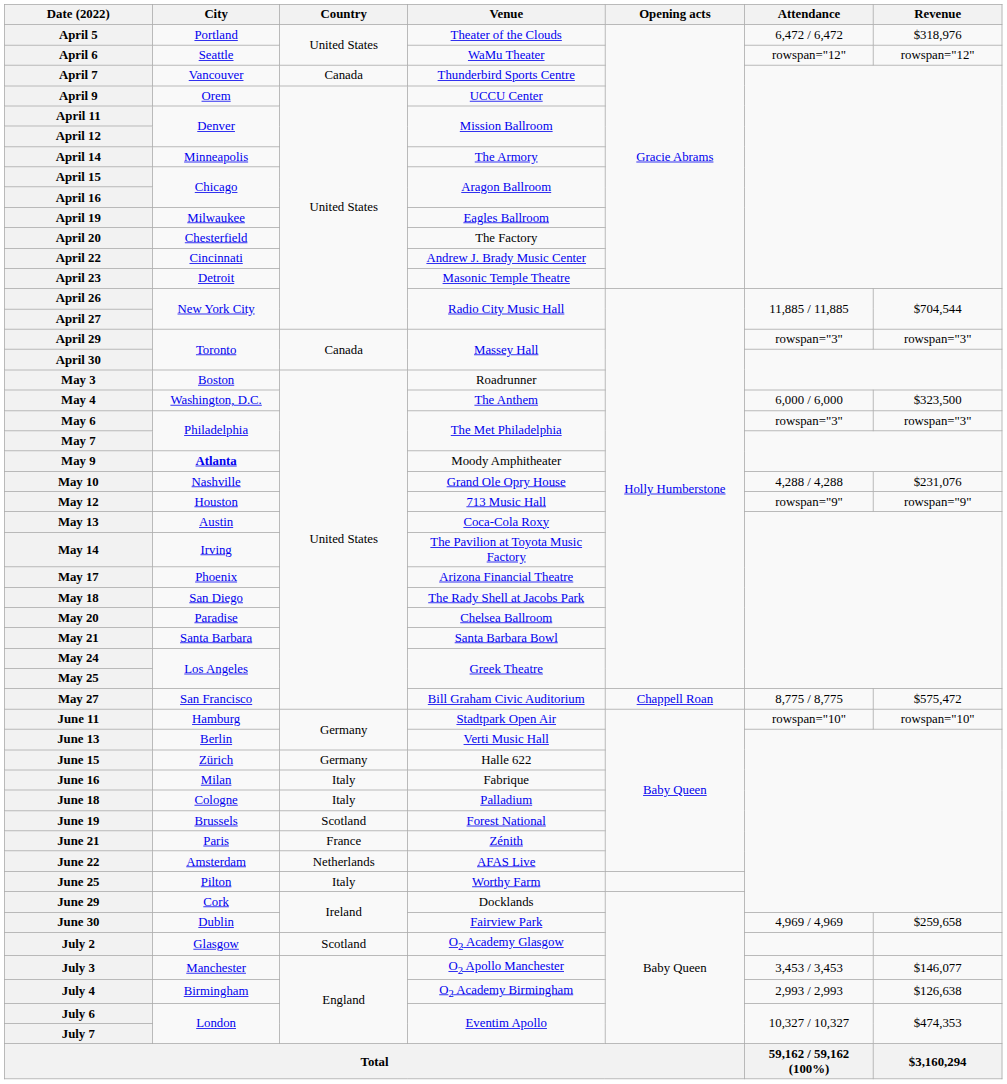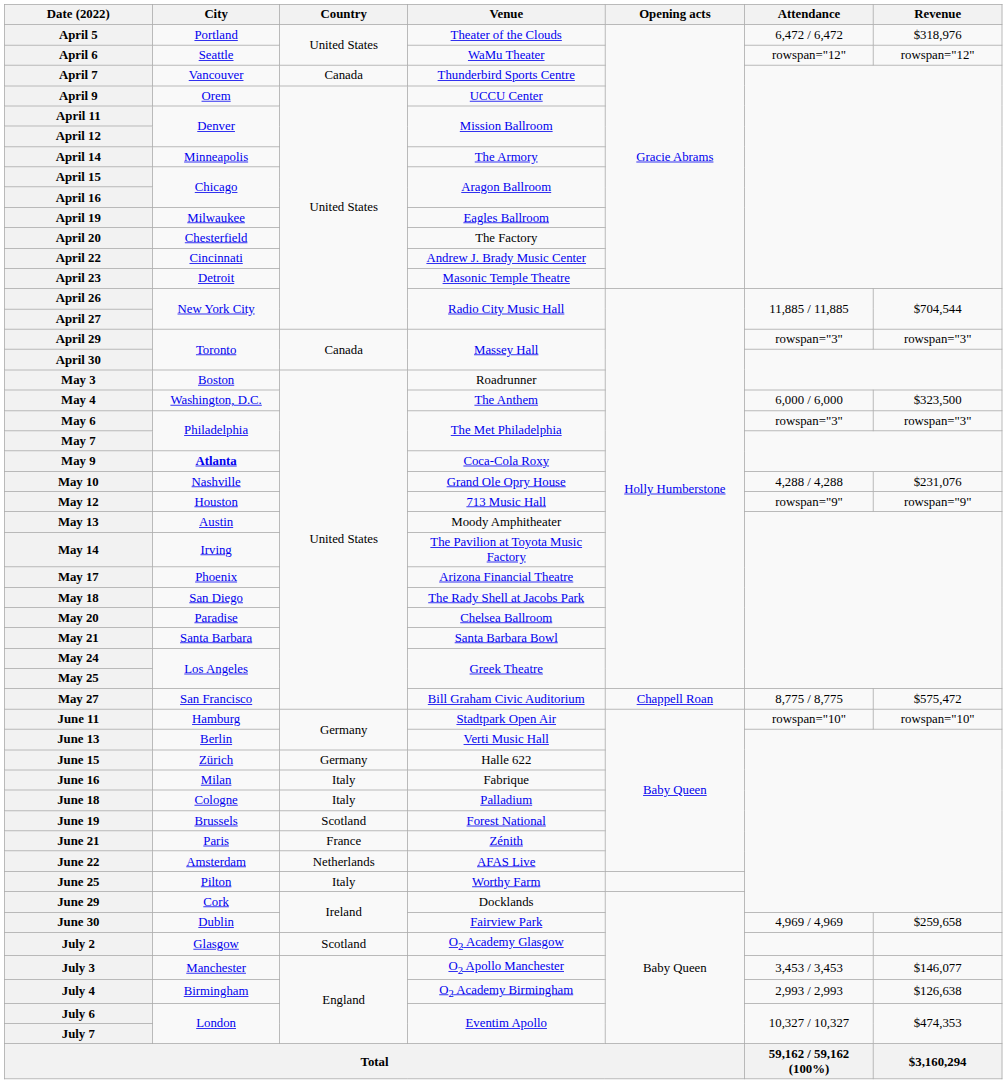 <table class="wikitable plainrowheaders" style="text-align:center;">
 <tr>
 <th scope="col" style="width:12em;">Date (2022)</th>
 <th scope="col" style="width:10em;">City</th>
 <th scope="col" style="width:10em;">Country</th>
 <th scope="col" style="width:16em;">Venue</th>
 <th scope="col" style="width:11em;">Opening acts</th>
 <th scope="col" style="width:10em;">Attendance</th>
 <th scope="col" style="width:10em;">Revenue</th>
 </tr>
 <tr>
 <th scope="row" style="text-align:center;">April 5</th>
 <td><a href='#'>Portland</a></td>
 <td rowspan="2">United States</td>
 <td><a href='#'>Theater of the Clouds</a></td>
 <td rowspan="13"><a href='#'>Gracie Abrams</a></td>
 <td>6,472 / 6,472</td>
 <td>$318,976</td>
 </tr>
 <tr>
 <th scope="row" style="text-align:center;">April 6</th>
 <td><a href='#'>Seattle</a></td>
 <td><a href='#'>WaMu Theater</a></td>
 <td>rowspan="12" </td>
 <td>rowspan="12" </td>
 </tr>
 <tr>
 <th scope="row" style="text-align:center;">April 7</th>
 <td><a href='#'>Vancouver</a></td>
 <td>Canada</td>
 <td><a href='#'>Thunderbird Sports Centre</a></td>
 </tr>
 <tr>
 <th scope="row" style="text-align:center;">April 9</th>
 <td><a href='#'>Orem</a></td>
 <td rowspan="12">United States</td>
 <td><a href='#'>UCCU Center</a></td>
 </tr>
 <tr>
 <th scope="row" style="text-align:center;">April 11</th>
 <td rowspan="2"><a href='#'>Denver</a></td>
 <td rowspan="2"><a href='#'>Mission Ballroom</a></td>
 </tr>
 <tr>
 <th scope="row" style="text-align:center;">April 12</th>
 </tr>
 <tr>
 <th scope="row" style="text-align:center;">April 14</th>
 <td><a href='#'>Minneapolis</a></td>
 <td><a href='#'>The Armory</a></td>
 </tr>
 <tr>
 <th scope="row" style="text-align:center;">April 15</th>
 <td rowspan="2"><a href='#'>Chicago</a></td>
 <td rowspan="2"><a href='#'>Aragon Ballroom</a></td>
 </tr>
 <tr>
 <th scope="row" style="text-align:center;">April 16</th>
 </tr>
 <tr>
 <th scope="row" style="text-align:center;">April 19</th>
 <td><a href='#'>Milwaukee</a></td>
 <td><a href='#'>Eagles Ballroom</a></td>
 </tr>
 <tr>
 <th scope="row" style="text-align:center;">April 20</th>
 <td><a href='#'>Chesterfield</a></td>
 <td>The Factory</td>
 </tr>
 <tr>
 <th scope="row" style="text-align:center;">April 22</th>
 <td><a href='#'>Cincinnati</a></td>
 <td><a href='#'>Andrew J. Brady Music Center</a></td>
 </tr>
 <tr>
 <th scope="row" style="text-align:center;">April 23</th>
 <td><a href='#'>Detroit</a></td>
 <td><a href='#'>Masonic Temple Theatre</a></td>
 </tr>
 <tr>
 <th scope="row" style="text-align:center;">April 26</th>
 <td rowspan="2"><a href='#'>New York City</a></td>
 <td rowspan="2"><a href='#'>Radio City Music Hall</a></td>
 <td rowspan="19"><a href='#'>Holly Humberstone</a></td>
 <td rowspan="2">11,885 / 11,885</td>
 <td rowspan="2">$704,544</td>
 </tr>
 <tr>
 <th scope="row" style="text-align:center;">April 27</th>
 </tr>
 <tr>
 <th scope="row" style="text-align:center;">April 29</th>
 <td rowspan="2"><a href='#'>Toronto</a></td>
 <td rowspan="2">Canada</td>
 <td rowspan="2"><a href='#'>Massey Hall</a></td>
 <td>rowspan="3" </td>
 <td>rowspan="3" </td>
 </tr>
 <tr>
 <th scope="row" style="text-align:center;">April 30</th>
 </tr>
 <tr>
 <th scope="row" style="text-align:center;">May 3</th>
 <td><a href='#'>Boston</a></td>
 <td rowspan="16">United States</td>
 <td>Roadrunner</td>
 </tr>
 <tr>
 <th scope="row" style="text-align:center;">May 4</th>
 <td><a href='#'>Washington, D.C.</a></td>
 <td><a href='#'>The Anthem</a></td>
 <td>6,000 / 6,000</td>
 <td>$323,500</td>
 </tr>
 <tr>
 <th scope="row" style="text-align:center;">May 6</th>
 <td rowspan="2"><a href='#'>Philadelphia</a></td>
 <td rowspan="2"><a href='#'>The Met Philadelphia</a></td>
 <td>rowspan="3" </td>
 <td>rowspan="3" </td>
 </tr>
 <tr>
 <th scope="row" style="text-align:center;">May 7</th>
 </tr>
 <tr>
 <th scope="row" style="text-align:center;">May 9</th>
 <td><strong><a href='#'>Atlanta</a></strong></td>
-<td>Moody Amphitheater</td>
+<td><a href='#'>Coca-Cola Roxy</a></td>
 </tr>
 <tr>
 <th scope="row" style="text-align:center;">May 10</th>
 <td><a href='#'>Nashville</a></td>
 <td><a href='#'>Grand Ole Opry House</a></td>
 <td>4,288 / 4,288</td>
 <td>$231,076</td>
 </tr>
 <tr>
 <th scope="row" style="text-align:center;">May 12</th>
 <td><a href='#'>Houston</a></td>
 <td><a href='#'>713 Music Hall</a></td>
 <td>rowspan="9" </td>
 <td>rowspan="9" </td>
 </tr>
 <tr>
 <th scope="row" style="text-align:center;">May 13</th>
 <td><a href='#'>Austin</a></td>
-<td><a href='#'>Coca-Cola Roxy</a></td>
+<td>Moody Amphitheater</td>
 </tr>
 <tr>
 <th scope="row" style="text-align:center;">May 14</th>
 <td><a href='#'>Irving</a></td>
 <td><a href='#'>The Pavilion at Toyota Music Factory</a></td>
 </tr>
 <tr>
 <th scope="row" style="text-align:center;">May 17</th>
 <td><a href='#'>Phoenix</a></td>
 <td><a href='#'>Arizona Financial Theatre</a></td>
 </tr>
 <tr>
 <th scope="row" style="text-align:center;">May 18</th>
 <td><a href='#'>San Diego</a></td>
 <td><a href='#'>The Rady Shell at Jacobs Park</a></td>
 </tr>
 <tr>
 <th scope="row" style="text-align:center;">May 20</th>
 <td><a href='#'>Paradise</a></td>
 <td><a href='#'>Chelsea Ballroom</a></td>
 </tr>
 <tr>
 <th scope="row" style="text-align:center;">May 21</th>
 <td><a href='#'>Santa Barbara</a></td>
 <td><a href='#'>Santa Barbara Bowl</a></td>
 </tr>
 <tr>
 <th scope="row" style="text-align:center;">May 24</th>
 <td rowspan="2"><a href='#'>Los Angeles</a></td>
 <td rowspan="2"><a href='#'>Greek Theatre</a></td>
 </tr>
 <tr>
 <th scope="row" style="text-align:center;">May 25</th>
 </tr>
 <tr>
 <th scope="row" style="text-align:center;">May 27</th>
 <td><a href='#'>San Francisco</a></td>
 <td><a href='#'>Bill Graham Civic Auditorium</a></td>
 <td><a href='#'>Chappell Roan</a></td>
 <td>8,775 / 8,775</td>
 <td>$575,472</td>
 </tr>
 <tr>
 <th scope="row" style="text-align:center;">June 11</th>
 <td><a href='#'>Hamburg</a></td>
 <td rowspan="2">Germany</td>
 <td><a href='#'>Stadtpark Open Air</a></td>
 <td rowspan="8"><a href='#'>Baby Queen</a></td>
 <td>rowspan="10" </td>
 <td>rowspan="10" </td>
 </tr>
 <tr>
 <th scope="row" style="text-align:center;">June 13</th>
 <td><a href='#'>Berlin</a></td>
 <td><a href='#'>Verti Music Hall</a></td>
 </tr>
 <tr>
 <th scope="row" style="text-align:center;">June 15</th>
 <td><a href='#'>Zürich</a></td>
 <td>Germany</td>
 <td>Halle 622</td>
 </tr>
 <tr>
 <th scope="row" style="text-align:center;">June 16</th>
 <td><a href='#'>Milan</a></td>
 <td>Italy</td>
 <td>Fabrique</td>
 </tr>
 <tr>
 <th scope="row" style="text-align:center;">June 18</th>
 <td><a href='#'>Cologne</a></td>
 <td>Italy</td>
 <td><a href='#'>Palladium</a></td>
 </tr>
 <tr>
 <th scope="row" style="text-align:center;">June 19</th>
 <td><a href='#'>Brussels</a></td>
 <td>Scotland</td>
 <td><a href='#'>Forest National</a></td>
 </tr>
 <tr>
 <th scope="row" style="text-align:center;">June 21</th>
 <td><a href='#'>Paris</a></td>
 <td>France</td>
 <td><a href='#'>Zénith</a></td>
 </tr>
 <tr>
 <th scope="row" style="text-align:center;">June 22</th>
 <td><a href='#'>Amsterdam</a></td>
 <td>Netherlands</td>
 <td><a href='#'>AFAS Live</a></td>
 </tr>
 <tr>
 <th scope="row" style="text-align:center;">June 25</th>
 <td><a href='#'>Pilton</a></td>
 <td>Italy</td>
 <td><a href='#'>Worthy Farm</a></td>
 <td></td>
 </tr>
 <tr>
 <th scope="row" style="text-align:center;">June 29</th>
 <td><a href='#'>Cork</a></td>
 <td rowspan="2">Ireland</td>
 <td>Docklands</td>
 <td rowspan="7">Baby Queen</td>
 </tr>
 <tr>
 <th scope="row" style="text-align:center;">June 30</th>
 <td><a href='#'>Dublin</a></td>
 <td><a href='#'>Fairview Park</a></td>
 <td>4,969 / 4,969</td>
 <td>$259,658</td>
 </tr>
 <tr>
 <th scope="row" style="text-align:center;">July 2</th>
 <td><a href='#'>Glasgow</a></td>
 <td>Scotland</td>
 <td><a href='#'>O<sub>2</sub> Academy Glasgow</a></td>
 <td></td>
 <td></td>
 </tr>
 <tr>
 <th scope="row" style="text-align:center;">July 3</th>
 <td><a href='#'>Manchester</a></td>
 <td rowspan="4">England</td>
 <td><a href='#'>O<sub>2</sub> Apollo Manchester</a></td>
 <td>3,453 / 3,453</td>
 <td>$146,077</td>
 </tr>
 <tr>
 <th scope="row" style="text-align:center;">July 4</th>
 <td><a href='#'>Birmingham</a></td>
 <td><a href='#'>O<sub>2</sub> Academy Birmingham</a></td>
 <td>2,993 / 2,993</td>
 <td>$126,638</td>
 </tr>
 <tr>
 <th scope="row" style="text-align:center;">July 6</th>
 <td rowspan="2"><a href='#'>London</a></td>
 <td rowspan="2"><a href='#'>Eventim Apollo</a></td>
 <td rowspan="2">10,327 / 10,327</td>
 <td rowspan="2">$474,353</td>
 </tr>
 <tr>
 <th scope="row" style="text-align:center;">July 7</th>
 </tr>
 <tr>
 <th colspan="5">Total</th>
 <th>59,162 / 59,162 (100%)</th>
 <th>$3,160,294</th>
 </tr>
 </table>
